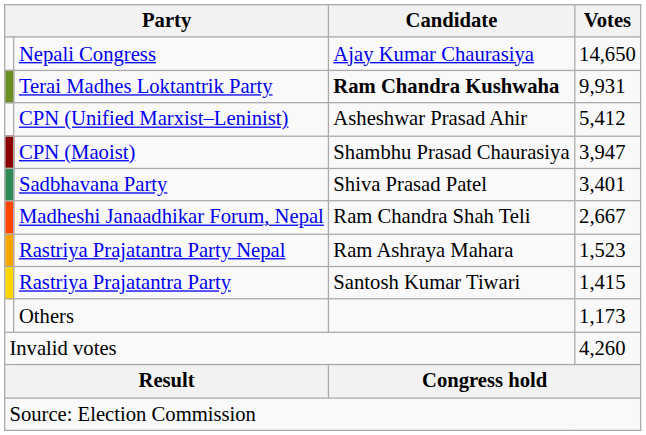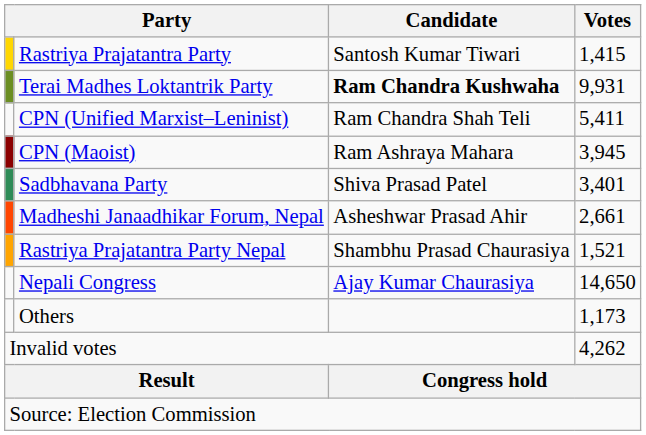 <table class="wikitable">
 <tr>
 <th colspan="2">Party</th>
 <th>Candidate</th>
 <th>Votes</th>
 </tr>
 <tr>
-<td style="background-color:"></td>
-<td><a href='#'>Nepali Congress</a></td>
-<td><a href='#'>Ajay Kumar Chaurasiya</a></td>
-<td>14,650</td>
+<td style="background-color:gold"></td>
+<td><a href='#'>Rastriya Prajatantra Party</a></td>
+<td>Santosh Kumar Tiwari</td>
+<td>1,415</td>
 </tr>
 <tr>
 <td style="background-color:olivedrab"></td>
 <td><a href='#'>Terai Madhes Loktantrik Party</a></td>
 <td><strong>Ram Chandra Kushwaha</strong></td>
 <td>9,931</td>
 </tr>
 <tr>
 <td style="background-color:"></td>
 <td><a href='#'>CPN (Unified Marxist–Leninist)</a></td>
-<td>Asheshwar Prasad Ahir</td>
-<td>5,412</td>
+<td>Ram Chandra Shah Teli</td>
+<td>5,411</td>
 </tr>
 <tr>
 <td style="background-color:darkred"></td>
 <td><a href='#'>CPN (Maoist)</a></td>
-<td>Shambhu Prasad Chaurasiya</td>
-<td>3,947</td>
+<td>Ram Ashraya Mahara</td>
+<td>3,945</td>
 </tr>
 <tr>
 <td style="background-color:seagreen"></td>
 <td><a href='#'>Sadbhavana Party</a></td>
 <td>Shiva Prasad Patel</td>
 <td>3,401</td>
 </tr>
 <tr>
 <td style="background-color:orangered"></td>
 <td><a href='#'>Madheshi Janaadhikar Forum, Nepal</a></td>
-<td>Ram Chandra Shah Teli</td>
-<td>2,667</td>
+<td>Asheshwar Prasad Ahir</td>
+<td>2,661</td>
 </tr>
 <tr>
 <td style="background-color:orange"></td>
 <td><a href='#'>Rastriya Prajatantra Party Nepal</a></td>
-<td>Ram Ashraya Mahara</td>
-<td>1,523</td>
+<td>Shambhu Prasad Chaurasiya</td>
+<td>1,521</td>
 </tr>
 <tr>
-<td style="background-color:gold"></td>
-<td><a href='#'>Rastriya Prajatantra Party</a></td>
-<td>Santosh Kumar Tiwari</td>
-<td>1,415</td>
+<td style="background-color:"></td>
+<td><a href='#'>Nepali Congress</a></td>
+<td><a href='#'>Ajay Kumar Chaurasiya</a></td>
+<td>14,650</td>
 </tr>
 <tr>
 <td></td>
 <td>Others</td>
 <td></td>
 <td>1,173</td>
 </tr>
 <tr>
 <td colspan="3">Invalid votes</td>
-<td>4,260</td>
+<td>4,262</td>
 </tr>
 <tr>
 <th colspan="2">Result</th>
 <th colspan="2">Congress hold</th>
 </tr>
 <tr>
 <td colspan="4">Source: Election Commission</td>
 </tr>
 </table>
